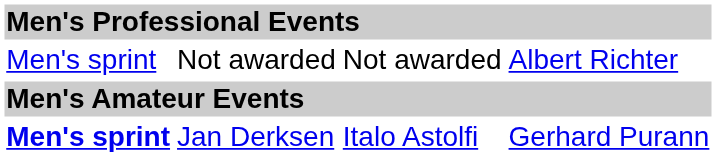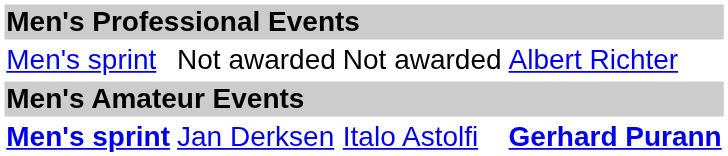 <table>
 <tr bgcolor="#cccccc">
 <td colspan=7><strong>Men's Professional Events</strong></td>
 </tr>
 <tr>
 <td><a href='#'>Men's sprint</a> <br></td>
 <td>Not awarded</td>
 <td>Not awarded</td>
 <td><a href='#'>Albert Richter</a><br></td>
 </tr>
 <tr bgcolor="#cccccc">
 <td colspan=7><strong>Men's Amateur Events</strong></td>
 </tr>
 <tr>
 <td><strong><a href='#'>Men's sprint</a> <br></strong></td>
 <td><a href='#'>Jan Derksen</a><br></td>
 <td><a href='#'>Italo Astolfi</a><br></td>
-<td><a href='#'>Gerhard Purann</a><br></td>
+<td><strong><a href='#'>Gerhard Purann</a><br></strong></td>
 </tr>
 </table>
